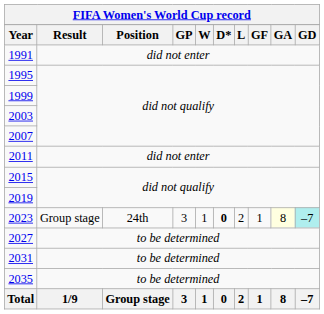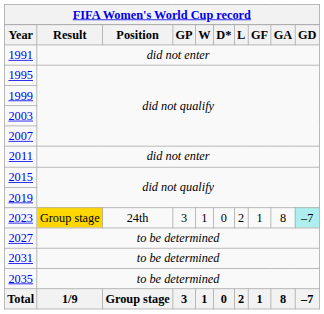 <table class="wikitable" style="text-align: center; font-size:95%;">
 <tr>
 <th colspan="10"><a href='#'>FIFA Women's World Cup record</a></th>
 </tr>
 <tr>
 </tr>
 <tr>
 <th>Year</th>
 <th>Result</th>
 <th>Position</th>
 <th>GP</th>
 <th>W</th>
 <th>D*</th>
 <th>L</th>
 <th>GF</th>
 <th>GA</th>
 <th>GD</th>
 </tr>
 <tr>
 <td> <a href='#'>1991</a></td>
 <td colspan=9><em>did not enter</em></td>
 </tr>
 <tr>
 <td> <a href='#'>1995</a></td>
 <td rowspan=4 colspan=9><em>did not qualify</em></td>
 </tr>
 <tr>
 <td> <a href='#'>1999</a></td>
 </tr>
 <tr>
 <td> <a href='#'>2003</a></td>
 </tr>
 <tr>
 <td> <a href='#'>2007</a></td>
 </tr>
 <tr>
 <td> <a href='#'>2011</a></td>
 <td colspan=9><em>did not enter</em></td>
 </tr>
 <tr>
 <td> <a href='#'>2015</a></td>
 <td rowspan=2 colspan=9><em>did not qualify</em></td>
 </tr>
 <tr>
 <td> <a href='#'>2019</a></td>
 </tr>
 <tr>
 <td> <a href='#'>2023</a></td>
-<td>Group stage</td>
+<td style="background: gold;">Group stage</td>
 <td>24th</td>
 <td>3</td>
 <td>1</td>
-<td><strong>0</strong></td>
+<td>0</td>
 <td>2</td>
 <td>1</td>
-<td style="background: lightyellow;">8</td>
+<td>8</td>
 <td style="background: paleturquoise;">–7</td>
 </tr>
 <tr>
 <td> <a href='#'>2027</a></td>
 <td colspan=9><em>to be determined</em></td>
 </tr>
 <tr>
 <td> <a href='#'>2031</a></td>
 <td colspan=9><em>to be determined</em></td>
 </tr>
 <tr>
 <td> <a href='#'>2035</a></td>
 <td colspan=9><em>to be determined</em></td>
 </tr>
 <tr>
 <th><strong>Total</strong></th>
 <th>1/9</th>
 <th>Group stage</th>
 <th>3</th>
 <th>1</th>
 <th>0</th>
 <th>2</th>
 <th>1</th>
 <th>8</th>
 <th>–7</th>
 </tr>
 </table>
